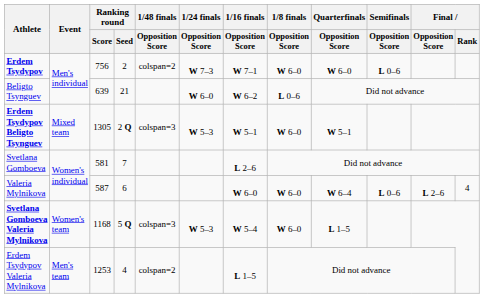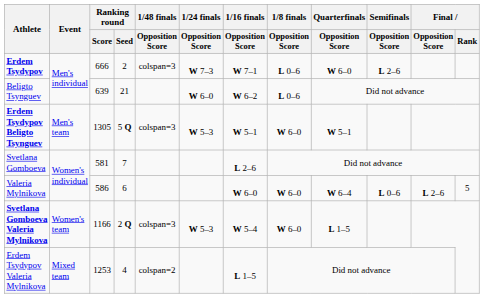 <table class="wikitable" style="text-align:center; font-size:90%">
 <tr>
 <th rowspan=2>Athlete</th>
 <th rowspan=2>Event</th>
 <th colspan=2>Ranking round</th>
 <th>1/48 finals</th>
 <th>1/24 finals</th>
 <th>1/16 finals</th>
 <th>1/8 finals</th>
 <th>Quarterfinals</th>
 <th>Semifinals</th>
 <th colspan=2>Final / </th>
 </tr>
 <tr style="font-size:95%">
 <th>Score</th>
 <th>Seed</th>
 <th>Opposition<br>Score</th>
 <th>Opposition<br>Score</th>
 <th>Opposition<br>Score</th>
 <th>Opposition<br>Score</th>
 <th>Opposition<br>Score</th>
 <th>Opposition<br>Score</th>
 <th>Opposition<br>Score</th>
 <th>Rank</th>
 </tr>
 <tr>
 <td align=left><strong><a href='#'>Erdem Tsydypov</a></strong></td>
 <td rowspan=2 align=left><a href='#'>Men's individual</a></td>
-<td>756</td>
+<td>666</td>
 <td>2</td>
-<td>colspan=2 </td>
+<td>colspan=3 </td>
 <td><br><strong>W</strong> 7–3</td>
 <td><br><strong>W</strong> 7–1</td>
+<td><br><strong>L</strong> 0–6</td>
 <td><br><strong>W</strong> 6–0</td>
-<td><br><strong>W</strong> 6–0</td>
-<td><br><strong>L</strong> 0–6</td>
+<td><br><strong>L</strong> 2–6</td>
 <td></td>
 </tr>
 <tr>
 <td align=left><a href='#'>Beligto Tsynguev</a></td>
 <td>639</td>
 <td>21</td>
 <td></td>
 <td><br><strong>W</strong> 6–0</td>
 <td><br><strong>W</strong> 6–2</td>
 <td><br><strong>L</strong> 0–6</td>
 <td colspan=4>Did not advance</td>
 </tr>
 <tr>
 <td align=left><strong><a href='#'>Erdem Tsydypov</a><br><a href='#'>Beligto Tsynguev</a></strong></td>
-<td align=left><a href='#'>Mixed team</a></td>
+<td align=left><a href='#'>Men's team</a></td>
 <td>1305</td>
-<td>2 <strong>Q</strong></td>
+<td>5 <strong>Q</strong></td>
 <td>colspan=3 </td>
 <td><br><strong>W</strong> 5–3</td>
 <td><br><strong>W</strong> 5–1</td>
 <td><br><strong>W</strong> 6–0</td>
 <td><br><strong>W</strong> 5–1</td>
 <td></td>
 </tr>
 <tr>
 <td align=left><a href='#'>Svetlana Gomboeva</a></td>
 <td rowspan=2 align=left><a href='#'>Women's individual</a></td>
 <td>581</td>
 <td>7</td>
 <td></td>
 <td></td>
 <td><br><strong>L</strong> 2–6</td>
 <td colspan=5>Did not advance</td>
 </tr>
 <tr>
 <td align=left><a href='#'>Valeria Mylnikova</a></td>
-<td>587</td>
+<td>586</td>
 <td>6</td>
 <td></td>
 <td></td>
 <td><br><strong>W</strong> 6–0</td>
 <td><br><strong>W</strong> 6–0</td>
 <td><br><strong>W</strong> 6–4</td>
 <td><br><strong>L</strong> 0–6</td>
 <td><br><strong>L</strong> 2–6</td>
-<td>4</td>
+<td>5</td>
 </tr>
 <tr>
 <td align=left><strong><a href='#'>Svetlana Gomboeva</a><br><a href='#'>Valeria Mylnikova</a></strong></td>
 <td align=left><a href='#'>Women's team</a></td>
-<td>1168</td>
-<td>5 <strong>Q</strong></td>
+<td>1166</td>
+<td>2 <strong>Q</strong></td>
 <td>colspan=3 </td>
 <td><br><strong>W</strong> 5–3</td>
 <td><br><strong>W</strong> 5–4</td>
 <td><br><strong>W</strong> 6–0</td>
 <td><br><strong>L</strong> 1–5</td>
 <td></td>
 </tr>
 <tr>
 <td align=left><a href='#'>Erdem Tsydypov</a><br><a href='#'>Valeria Mylnikova</a></td>
-<td align=left><a href='#'>Men's team</a></td>
+<td align=left><a href='#'>Mixed team</a></td>
 <td>1253</td>
 <td>4</td>
 <td>colspan=2 </td>
 <td></td>
 <td><br><strong>L</strong> 1–5</td>
 <td colspan=4>Did not advance</td>
 </tr>
 </table>
